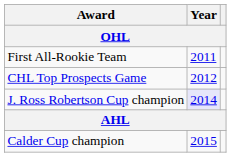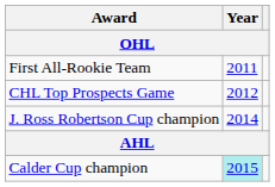 <table class="wikitable">
 <tr>
 <th>Award</th>
 <th>Year</th>
 <th></th>
 </tr>
 <tr>
 <th colspan="3"><a href='#'>OHL</a></th>
 </tr>
 <tr>
 <td>First All-Rookie Team</td>
 <td><a href='#'>2011</a></td>
 <td></td>
 </tr>
 <tr>
 <td><a href='#'>CHL Top Prospects Game</a></td>
 <td><a href='#'>2012</a></td>
 <td></td>
 </tr>
 <tr>
 <td><a href='#'>J. Ross Robertson Cup</a> champion</td>
-<td style="background: lavender;"><a href='#'>2014</a></td>
+<td><a href='#'>2014</a></td>
 <td></td>
 </tr>
 <tr>
 <th colspan="3"><a href='#'>AHL</a></th>
 </tr>
 <tr>
 <td><a href='#'>Calder Cup</a> champion</td>
-<td><a href='#'>2015</a></td>
+<td style="background: paleturquoise;"><a href='#'>2015</a></td>
 <td></td>
 </tr>
 </table>
